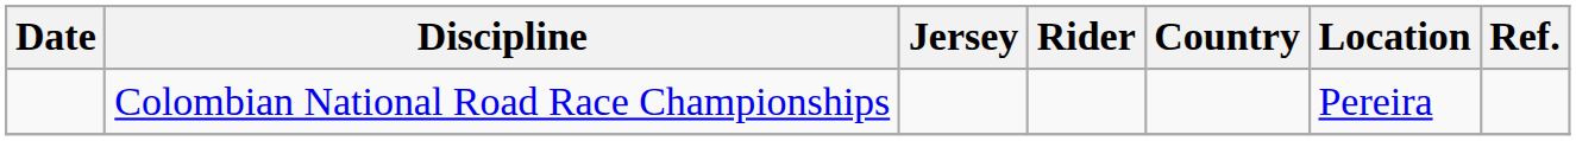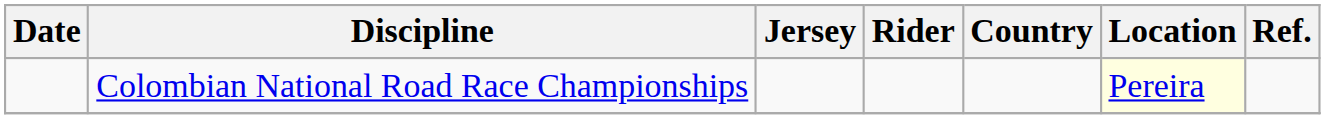 <table class="wikitable sortable">
 <tr>
 <th>Date</th>
 <th>Discipline</th>
 <th>Jersey</th>
 <th>Rider</th>
 <th>Country</th>
 <th>Location</th>
 <th class="unsortable">Ref.</th>
 </tr>
 <tr>
 <td></td>
 <td><a href='#'>Colombian National Road Race Championships</a></td>
 <td align="center"></td>
 <td></td>
 <td></td>
-<td><a href='#'>Pereira</a></td>
+<td style="background: lightyellow;"><a href='#'>Pereira</a></td>
 <td align="center"></td>
 </tr>
 <tr>
 </tr>
 </table>
